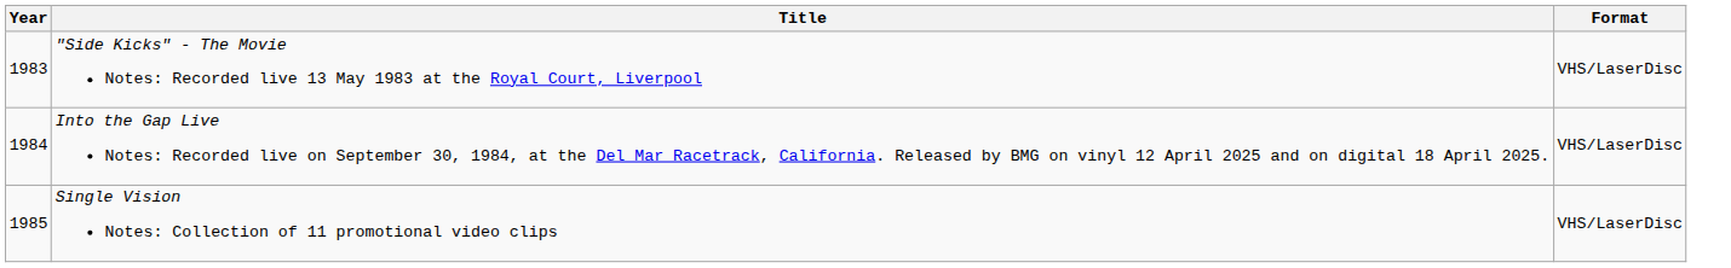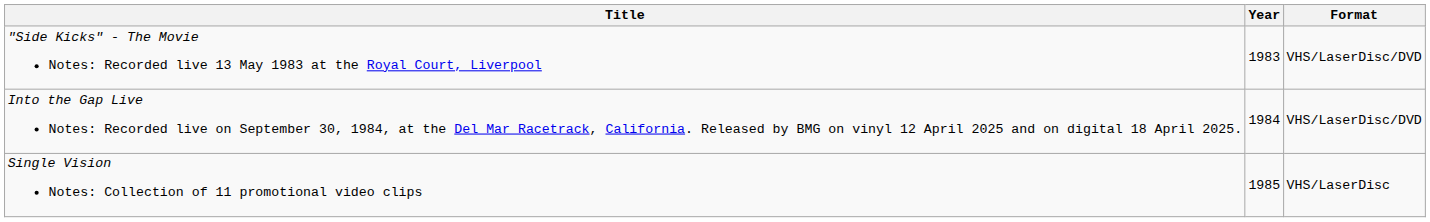 <table class="wikitable">
 <tr>
+<th>Title</th>
 <th>Year</th>
-<th>Title</th>
 <th>Format</th>
 </tr>
 <tr>
+<td><em>"Side Kicks" - The Movie</em><br><ul><li>Notes: Recorded live 13 May 1983 at the <a href='#'>Royal Court, Liverpool</a></li></ul></td>
 <td>1983</td>
-<td><em>"Side Kicks" - The Movie</em><br><ul><li>Notes: Recorded live 13 May 1983 at the <a href='#'>Royal Court, Liverpool</a></li></ul></td>
-<td>VHS/LaserDisc</td>
+<td>VHS/LaserDisc/DVD</td>
 </tr>
 <tr>
+<td><em>Into the Gap Live</em><br><ul><li>Notes: Recorded live on September 30, 1984, at the <a href='#'>Del Mar Racetrack</a>, <a href='#'>California</a>. Released by BMG on vinyl 12 April 2025 and on digital 18 April 2025.</li></ul></td>
 <td>1984</td>
-<td><em>Into the Gap Live</em><br><ul><li>Notes: Recorded live on September 30, 1984, at the <a href='#'>Del Mar Racetrack</a>, <a href='#'>California</a>. Released by BMG on vinyl 12 April 2025 and on digital 18 April 2025.</li></ul></td>
-<td>VHS/LaserDisc</td>
+<td>VHS/LaserDisc/DVD</td>
 </tr>
 <tr>
+<td><em>Single Vision</em><br><ul><li>Notes: Collection of 11 promotional video clips</li></ul></td>
 <td>1985</td>
-<td><em>Single Vision</em><br><ul><li>Notes: Collection of 11 promotional video clips</li></ul></td>
 <td>VHS/LaserDisc</td>
 </tr>
 </table>
